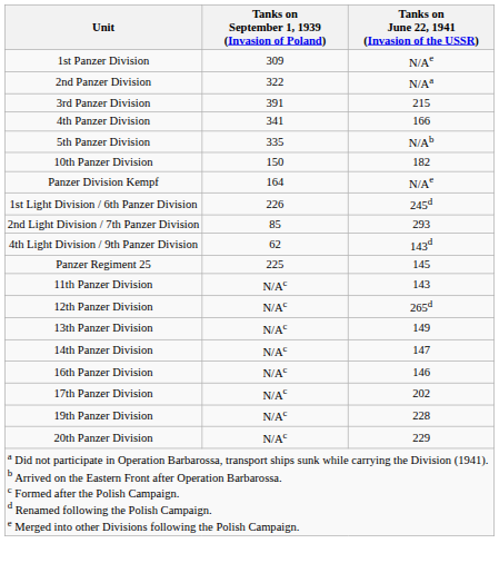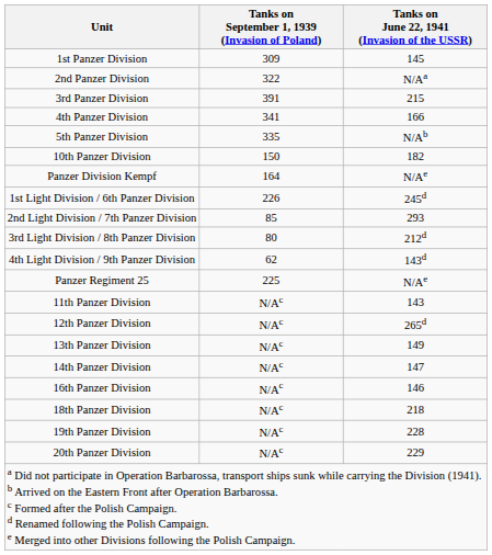 <table class="wikitable" style="text-align:center;">
 <tr>
 <th>Unit</th>
 <th style="width:12em;">Tanks on <br>September 1, 1939<br>(<a href='#'>Invasion of Poland</a>)</th>
 <th style="width:12em;">Tanks on <br>June 22, 1941<br>(<a href='#'>Invasion of the USSR</a>)</th>
 </tr>
 <tr>
 <td>1st Panzer Division</td>
 <td>309</td>
-<td>N/A<sup>e</sup></td>
+<td>145</td>
 </tr>
 <tr>
 <td>2nd Panzer Division</td>
 <td>322</td>
 <td>N/A<sup>a</sup></td>
 </tr>
 <tr>
 <td>3rd Panzer Division</td>
 <td>391</td>
 <td>215</td>
 </tr>
 <tr>
 <td>4th Panzer Division</td>
 <td>341</td>
 <td>166</td>
 </tr>
 <tr>
 <td>5th Panzer Division</td>
 <td>335</td>
 <td>N/A<sup>b</sup></td>
 </tr>
 <tr>
 <td>10th Panzer Division</td>
 <td>150</td>
 <td>182</td>
 </tr>
 <tr>
 <td>Panzer Division Kempf</td>
 <td>164</td>
 <td>N/A<sup>e</sup></td>
 </tr>
 <tr>
 <td>1st Light Division / 6th Panzer Division</td>
 <td>226</td>
 <td>245<sup>d</sup></td>
 </tr>
 <tr>
 <td>2nd Light Division / 7th Panzer Division</td>
 <td>85</td>
 <td>293</td>
 </tr>
 <tr>
+<td>3rd Light Division / 8th Panzer Division</td>
+<td>80</td>
+<td>212<sup>d</sup></td>
+</tr>
+<tr>
 <td>4th Light Division / 9th Panzer Division</td>
 <td>62</td>
 <td>143<sup>d</sup></td>
 </tr>
 <tr>
 <td>Panzer Regiment 25</td>
 <td>225</td>
-<td>145</td>
+<td>N/A<sup>e</sup></td>
 </tr>
 <tr>
 <td>11th Panzer Division</td>
 <td>N/A<sup>c</sup></td>
 <td>143</td>
 </tr>
 <tr>
 <td>12th Panzer Division</td>
 <td>N/A<sup>c</sup></td>
 <td>265<sup>d</sup></td>
 </tr>
 <tr>
 <td>13th Panzer Division</td>
 <td>N/A<sup>c</sup></td>
 <td>149</td>
 </tr>
 <tr>
 <td>14th Panzer Division</td>
 <td>N/A<sup>c</sup></td>
 <td>147</td>
 </tr>
 <tr>
 <td>16th Panzer Division</td>
 <td>N/A<sup>c</sup></td>
 <td>146</td>
 </tr>
 <tr>
-<td>17th Panzer Division</td>
+<td>18th Panzer Division</td>
 <td>N/A<sup>c</sup></td>
-<td>202</td>
+<td>218</td>
 </tr>
 <tr>
 <td>19th Panzer Division</td>
 <td>N/A<sup>c</sup></td>
 <td>228</td>
 </tr>
 <tr>
 <td>20th Panzer Division</td>
 <td>N/A<sup>c</sup></td>
 <td>229</td>
 </tr>
 <tr>
 <td colspan="3" style="text-align:left;"><sup>a</sup> Did not participate in Operation Barbarossa, transport ships sunk while carrying the Division (1941).<br><sup>b</sup> Arrived on the Eastern Front after Operation Barbarossa.<br> <sup>c</sup> Formed after the Polish Campaign.<br> <sup>d</sup> Renamed following the Polish Campaign.<br> <sup>e</sup> Merged into other Divisions following the Polish Campaign.<br></td>
 </tr>
 </table>
